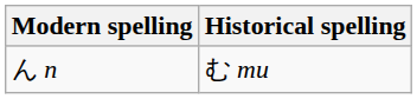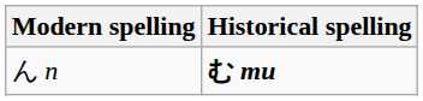 <table class="wikitable">
 <tr>
 <th>Modern spelling</th>
 <th>Historical spelling</th>
 </tr>
 <tr>
 <td>ん <em>n</em></td>
-<td>む <em>mu</em></td>
+<td><strong>む <em>mu</em></strong></td>
 </tr>
 </table>
